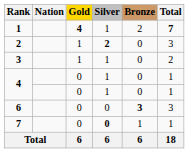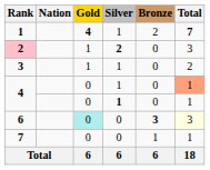 <table class="wikitable plainrowheaders" style="text-align:center;">
 <tr>
 <th>Rank</th>
 <th>Nation</th>
 <th style="background:    gold;">Gold</th>
 <th style="background:  silver;">Silver</th>
 <th style="background: #CC9966;">Bronze</th>
 <th>Total</th>
 </tr>
 <tr>
 <td><strong>1</strong></td>
 <td align=left></td>
 <td><strong>4</strong></td>
 <td>1</td>
 <td>2</td>
 <td><strong>7</strong></td>
 </tr>
 <tr>
-<td><strong>2</strong></td>
+<td style="background: pink;"><strong>2</strong></td>
 <td align=left></td>
 <td>1</td>
 <td><strong>2</strong></td>
 <td>0</td>
 <td>3</td>
 </tr>
 <tr>
 <td><strong>3</strong></td>
 <td align=left></td>
 <td>1</td>
 <td>1</td>
 <td>0</td>
 <td>2</td>
 </tr>
 <tr>
 <td rowspan=2><strong>4</strong></td>
 <td align=left></td>
 <td>0</td>
 <td>1</td>
 <td>0</td>
-<td>1</td>
+<td style="background: lightsalmon;">1</td>
 </tr>
 <tr>
 <td align=left></td>
 <td>0</td>
-<td>1</td>
+<td><strong>1</strong></td>
 <td>0</td>
 <td>1</td>
 </tr>
 <tr>
 <td><strong>6</strong></td>
 <td align=left></td>
-<td>0</td>
+<td style="background: paleturquoise;">0</td>
 <td>0</td>
 <td><strong>3</strong></td>
-<td>3</td>
+<td style="background: lightyellow;">3</td>
 </tr>
 <tr>
 <td><strong>7</strong></td>
 <td align=left><em></em></td>
 <td>0</td>
-<td><strong>0</strong></td>
+<td>0</td>
 <td>1</td>
 <td>1</td>
 </tr>
 <tr>
 <th colspan=2>Total</th>
 <th>6</th>
 <th>6</th>
 <th>6</th>
 <th>18</th>
 </tr>
 </table>
